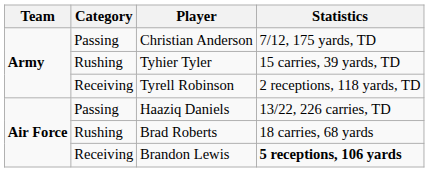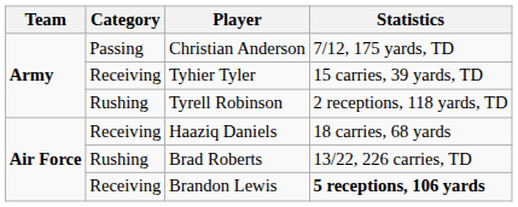 <table class="wikitable" style="float: left;">
 <tr>
 <th>Team</th>
 <th>Category</th>
 <th>Player</th>
 <th>Statistics</th>
 </tr>
 <tr>
 <td rowspan=3><strong>Army</strong></td>
 <td>Passing</td>
 <td>Christian Anderson</td>
 <td>7/12, 175 yards, TD</td>
 </tr>
 <tr>
-<td>Rushing</td>
+<td>Receiving</td>
 <td>Tyhier Tyler</td>
 <td>15 carries, 39 yards, TD</td>
 </tr>
 <tr>
-<td>Receiving</td>
+<td>Rushing</td>
 <td>Tyrell Robinson</td>
 <td>2 receptions, 118 yards, TD</td>
 </tr>
 <tr>
 <td rowspan=3><strong>Air Force</strong></td>
-<td>Passing</td>
+<td>Receiving</td>
 <td>Haaziq Daniels</td>
-<td>13/22, 226 carries, TD</td>
+<td>18 carries, 68 yards</td>
 </tr>
 <tr>
 <td>Rushing</td>
 <td>Brad Roberts</td>
-<td>18 carries, 68 yards</td>
+<td>13/22, 226 carries, TD</td>
 </tr>
 <tr>
 <td>Receiving</td>
 <td>Brandon Lewis</td>
 <td><strong>5 receptions, 106 yards</strong></td>
 </tr>
 </table>
